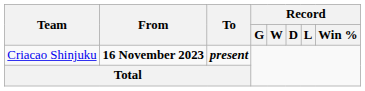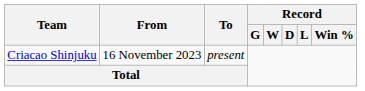 <table class="wikitable" style="text-align: left">
 <tr>
 <th rowspan="2">Team</th>
 <th rowspan="2">From</th>
 <th rowspan="2">To</th>
 <th colspan="8">Record</th>
 </tr>
 <tr>
 <th>G</th>
 <th>W</th>
 <th>D</th>
 <th>L</th>
 <th>Win %</th>
 </tr>
 <tr>
 <td><a href='#'>Criacao Shinjuku</a></td>
-<td><strong>16 November 2023</strong></td>
-<td><strong><em>present</em><br></strong></td>
+<td>16 November 2023</td>
+<td><em>present</em><br></td>
 </tr>
 <tr>
 <th colspan="3">Total<br></th>
 </tr>
 </table>
